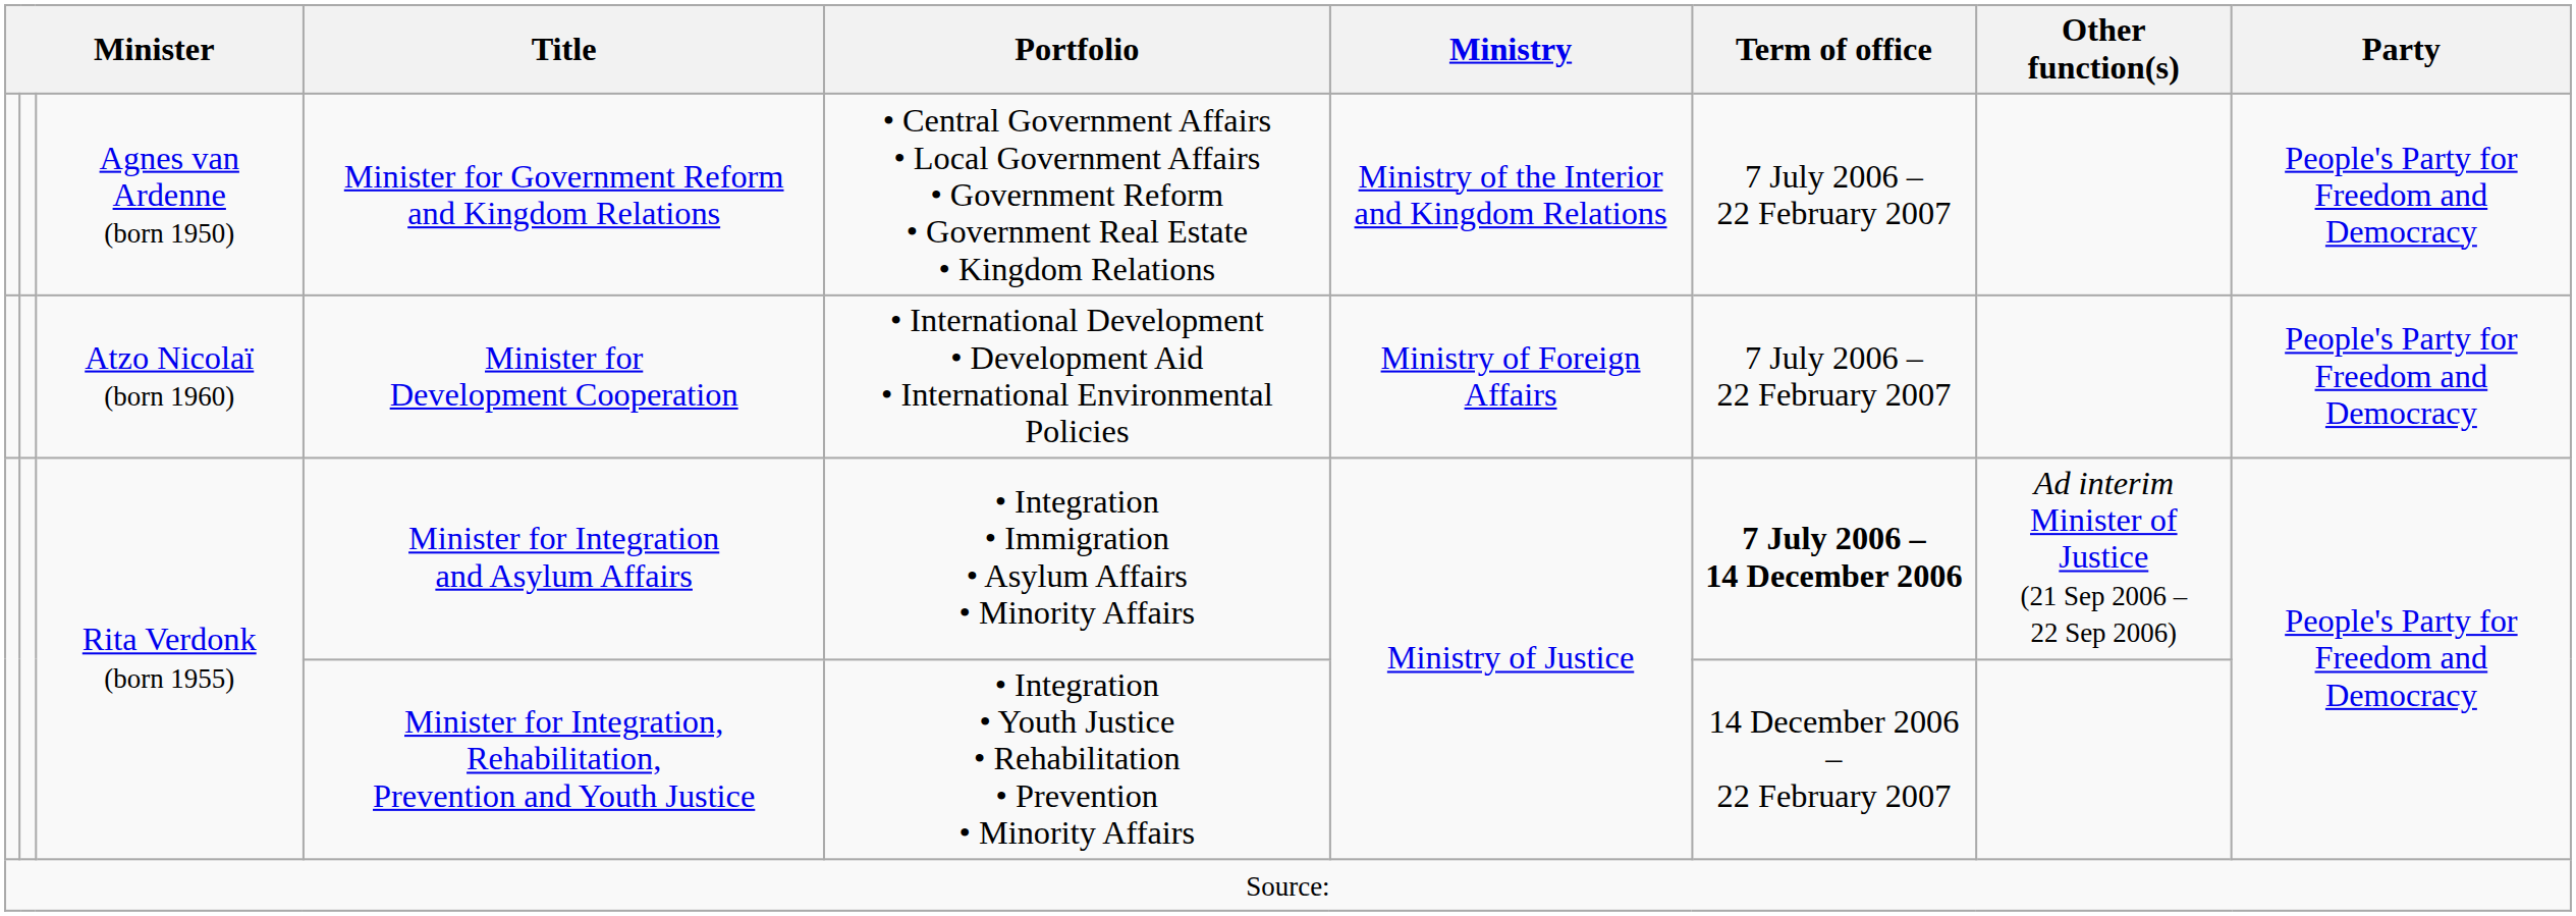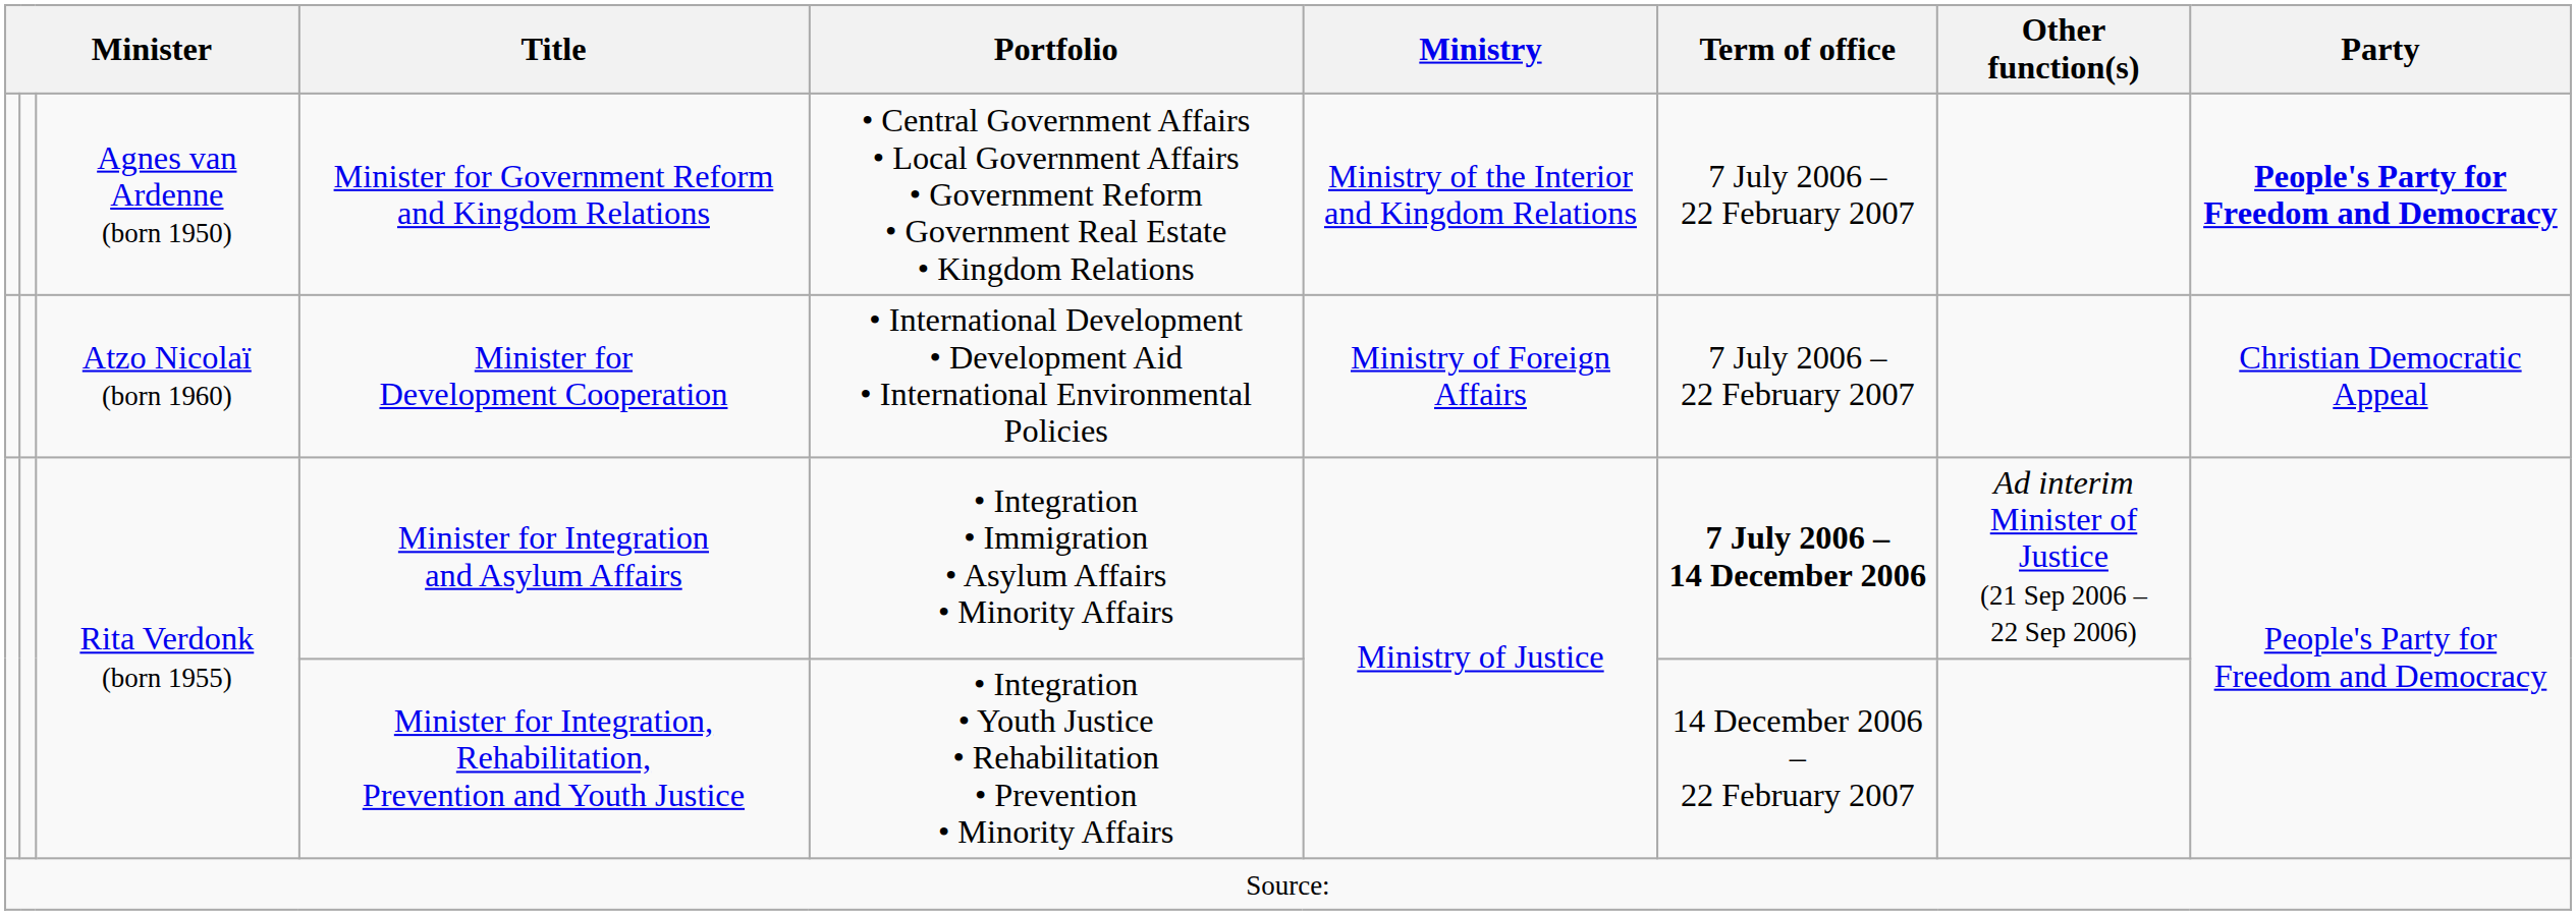 <table class="wikitable" style="text-align:center">
 <tr>
 <th colspan=3>Minister</th>
 <th>Title</th>
 <th>Portfolio</th>
 <th><a href='#'>Ministry</a></th>
 <th>Term of office</th>
 <th>Other function(s)</th>
 <th>Party</th>
 </tr>
 <tr>
 <td style="background:"></td>
 <td></td>
 <td><a href='#'>Agnes van Ardenne</a> <br> <small>(born 1950)</small></td>
 <td><a href='#'>Minister for Government Reform <br> and Kingdom Relations</a></td>
 <td>• Central Government Affairs <br> • Local Government Affairs <br> • Government Reform <br> • Government Real Estate <br> • Kingdom Relations</td>
 <td><a href='#'>Ministry of the Interior <br> and Kingdom Relations</a></td>
 <td>7 July 2006 – <br> 22 February 2007</td>
 <td></td>
-<td><a href='#'>People's Party for <br> Freedom and Democracy</a></td>
+<td><strong><a href='#'>People's Party for <br> Freedom and Democracy</a></strong></td>
 </tr>
 <tr>
 <td style="background:"></td>
 <td></td>
 <td><a href='#'>Atzo Nicolaï</a> <br> <small>(born 1960)</small></td>
 <td><a href='#'>Minister for <br> Development Cooperation</a></td>
 <td>• International Development <br> • Development Aid <br> • International Environmental Policies</td>
 <td><a href='#'>Ministry of Foreign Affairs</a></td>
 <td>7 July 2006 – <br> 22 February 2007</td>
 <td></td>
-<td><a href='#'>People's Party for <br> Freedom and Democracy</a></td>
+<td><a href='#'>Christian Democratic Appeal</a></td>
 </tr>
 <tr>
 <td rowspan=2 style="background:"></td>
 <td rowspan=2></td>
 <td rowspan=2><a href='#'>Rita Verdonk</a> <br> <small>(born 1955)</small></td>
 <td><a href='#'>Minister for Integration <br> and Asylum Affairs</a></td>
 <td>• Integration <br> • Immigration <br> • Asylum Affairs <br> • Minority Affairs</td>
 <td rowspan=2><a href='#'>Ministry of Justice</a></td>
 <td><strong>7 July 2006 – <br> 14 December 2006</strong></td>
 <td><em>Ad interim</em> <br> <a href='#'>Minister of Justice</a> <br> <small>(21 Sep 2006 – <br> 22 Sep 2006)</small></td>
 <td rowspan=2><a href='#'>People's Party for <br> Freedom and Democracy</a></td>
 </tr>
 <tr>
 <td><a href='#'>Minister for Integration, Rehabilitation, <br> Prevention and Youth Justice</a></td>
 <td>• Integration <br> • Youth Justice <br> • Rehabilitation <br> • Prevention <br> • Minority Affairs</td>
 <td>14 December 2006 – <br> 22 February 2007</td>
 <td></td>
 </tr>
 <tr>
 <td colspan=9><small>Source:</small></td>
 </tr>
 </table>
